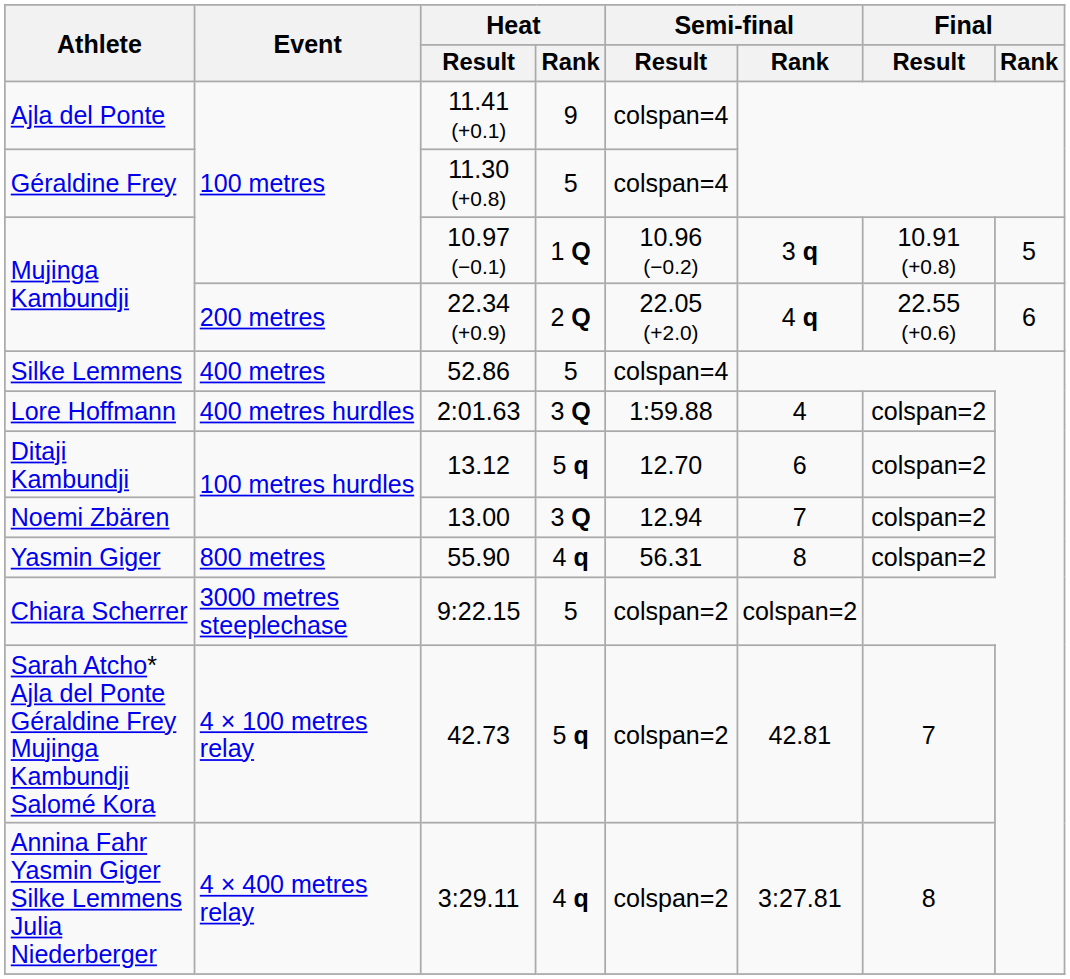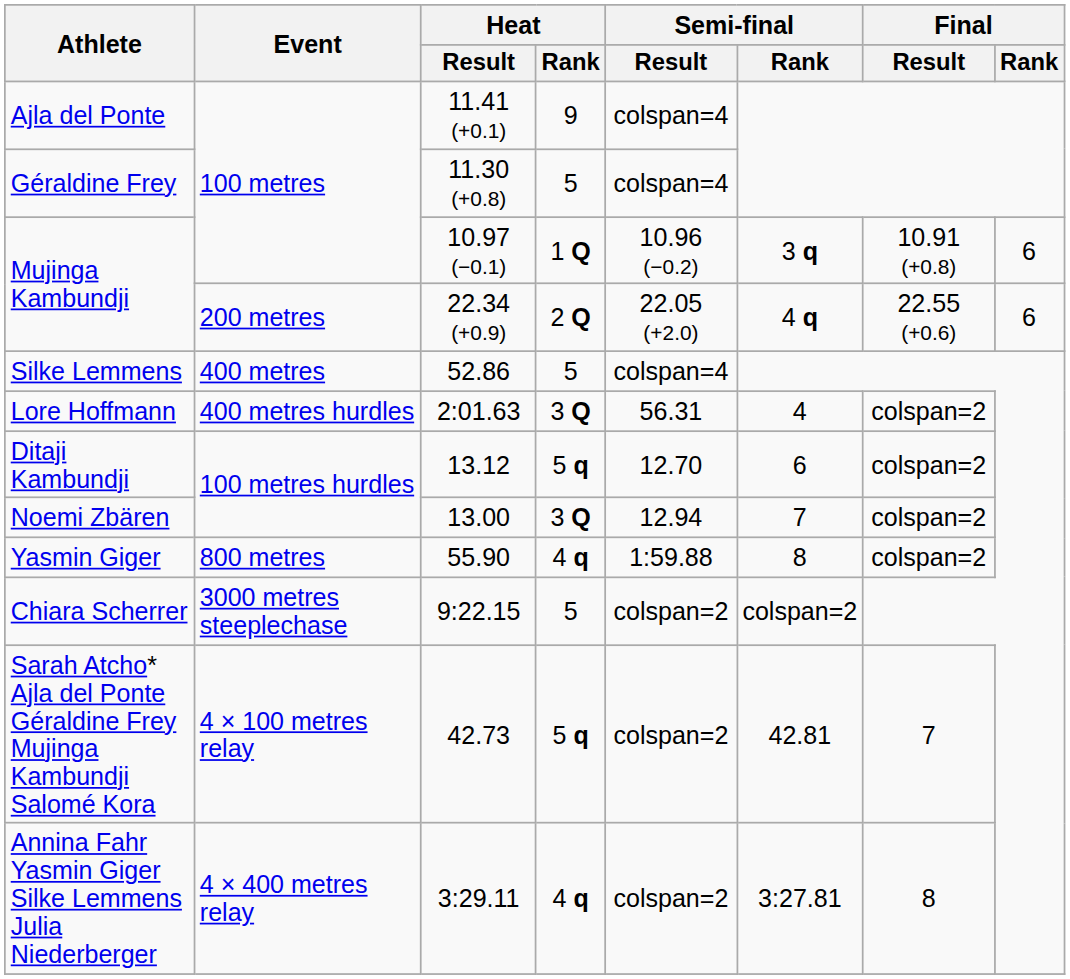 <table class="wikitable" style="font-size:90%">
 <tr>
 <th rowspan="2">Athlete</th>
 <th rowspan="2">Event</th>
 <th colspan="2">Heat</th>
 <th colspan="2">Semi-final</th>
 <th colspan="2">Final</th>
 </tr>
 <tr style="font-size:95%">
 <th>Result</th>
 <th>Rank</th>
 <th>Result</th>
 <th>Rank</th>
 <th>Result</th>
 <th>Rank</th>
 </tr>
 <tr align=center>
 <td align=left><a href='#'>Ajla del Ponte</a></td>
 <td align=left rowspan=3><a href='#'>100 metres</a></td>
 <td>11.41 <small>(+0.1)</small></td>
 <td>9</td>
 <td>colspan=4 </td>
 </tr>
 <tr align=center>
 <td align=left><a href='#'>Géraldine Frey</a></td>
 <td>11.30 <small>(+0.8)</small></td>
 <td>5</td>
 <td>colspan=4 </td>
 </tr>
 <tr align=center>
 <td align=left rowspan=2><a href='#'>Mujinga Kambundji</a></td>
 <td>10.97 <small>(−0.1)</small></td>
 <td>1 <strong>Q</strong></td>
 <td>10.96 <small>(−0.2)</small></td>
 <td>3 <strong>q</strong></td>
 <td>10.91 <small>(+0.8)</small></td>
-<td>5</td>
+<td>6</td>
 </tr>
 <tr align=center>
 <td align=left><a href='#'>200 metres</a></td>
 <td>22.34 <small>(+0.9)</small></td>
 <td>2 <strong>Q</strong></td>
 <td>22.05 <small>(+2.0)</small> <strong></strong></td>
 <td>4 <strong>q</strong></td>
 <td>22.55 <small>(+0.6)</small></td>
 <td>6</td>
 </tr>
 <tr align=center>
 <td align=left><a href='#'>Silke Lemmens</a></td>
 <td align=left><a href='#'>400 metres</a></td>
 <td>52.86</td>
 <td>5</td>
 <td>colspan=4 </td>
 </tr>
 <tr align=center>
 <td align=left><a href='#'>Lore Hoffmann</a></td>
 <td align=left><a href='#'>400 metres hurdles</a></td>
 <td>2:01.63</td>
 <td>3 <strong>Q</strong></td>
-<td>1:59.88 </td>
+<td>56.31</td>
 <td>4</td>
 <td>colspan=2 </td>
 </tr>
 <tr align=center>
 <td align=left><a href='#'>Ditaji Kambundji</a></td>
 <td align=left rowspan=2><a href='#'>100 metres hurdles</a></td>
 <td>13.12 </td>
 <td>5 <strong>q</strong></td>
 <td>12.70  </td>
 <td>6</td>
 <td>colspan=2 </td>
 </tr>
 <tr align=center>
 <td align=left><a href='#'>Noemi Zbären</a></td>
 <td>13.00 </td>
 <td>3 <strong>Q</strong></td>
 <td>12.94  </td>
 <td>7</td>
 <td>colspan=2 </td>
 </tr>
 <tr align=center>
 <td align=left><a href='#'>Yasmin Giger</a></td>
 <td align=left><a href='#'>800 metres</a></td>
 <td>55.90  </td>
 <td>4 <strong>q</strong></td>
-<td>56.31</td>
+<td>1:59.88 </td>
 <td>8</td>
 <td>colspan=2 </td>
 </tr>
 <tr align=center>
 <td align=left><a href='#'>Chiara Scherrer</a></td>
 <td align=left><a href='#'>3000 metres steeplechase</a></td>
 <td>9:22.15</td>
 <td>5</td>
 <td>colspan=2 </td>
 <td>colspan=2 </td>
 </tr>
 <tr align=center>
 <td align=left><a href='#'>Sarah Atcho</a>*<br><a href='#'>Ajla del Ponte</a><br><a href='#'>Géraldine Frey</a><br><a href='#'>Mujinga Kambundji</a><br><a href='#'>Salomé Kora</a></td>
 <td align=left><a href='#'>4 × 100 metres relay</a></td>
 <td>42.73</td>
 <td>5 <strong>q</strong></td>
 <td>colspan=2 </td>
 <td>42.81</td>
 <td>7</td>
 </tr>
 <tr align=center>
 <td align=left><a href='#'>Annina Fahr</a><br><a href='#'>Yasmin Giger</a><br><a href='#'>Silke Lemmens</a><br><a href='#'>Julia Niederberger</a></td>
 <td align=left><a href='#'>4 × 400 metres relay</a></td>
 <td>3:29.11 </td>
 <td>4 <strong>q</strong></td>
 <td>colspan=2 </td>
 <td>3:27.81 </td>
 <td>8</td>
 </tr>
 </table>
